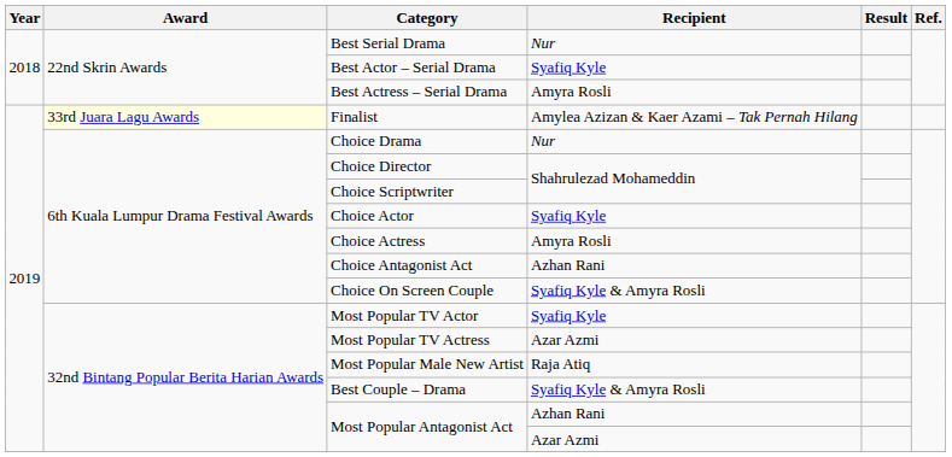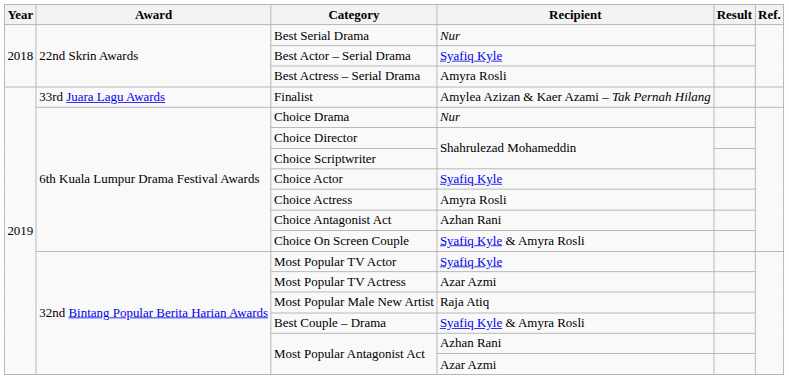 <table class="wikitable">
 <tr>
 <th>Year</th>
 <th>Award</th>
 <th>Category</th>
 <th>Recipient</th>
 <th>Result</th>
 <th>Ref.</th>
 </tr>
 <tr>
 <td rowspan="3">2018</td>
 <td rowspan="3">22nd Skrin Awards</td>
 <td>Best Serial Drama</td>
 <td><em>Nur</em></td>
 <td></td>
 <td rowspan="3"></td>
 </tr>
 <tr>
 <td>Best Actor – Serial Drama</td>
 <td><a href='#'>Syafiq Kyle</a></td>
 <td></td>
 </tr>
 <tr>
 <td>Best Actress – Serial Drama</td>
 <td>Amyra Rosli</td>
 <td></td>
 </tr>
 <tr>
 <td rowspan="14">2019</td>
-<td style="background: lightyellow;">33rd <a href='#'>Juara Lagu Awards</a></td>
+<td>33rd <a href='#'>Juara Lagu Awards</a></td>
 <td>Finalist</td>
 <td>Amylea Azizan & Kaer Azami – <em>Tak Pernah Hilang</em></td>
 <td></td>
 <td></td>
 </tr>
 <tr>
 <td rowspan="7">6th Kuala Lumpur Drama Festival Awards</td>
 <td>Choice Drama</td>
 <td><em>Nur</em></td>
 <td></td>
 <td rowspan="7"></td>
 </tr>
 <tr>
 <td>Choice Director</td>
 <td rowspan="2">Shahrulezad Mohameddin</td>
 <td></td>
 </tr>
 <tr>
 <td>Choice Scriptwriter</td>
 <td></td>
 </tr>
 <tr>
 <td>Choice Actor</td>
 <td><a href='#'>Syafiq Kyle</a></td>
 <td></td>
 </tr>
 <tr>
 <td>Choice Actress</td>
 <td>Amyra Rosli</td>
 <td></td>
 </tr>
 <tr>
 <td>Choice Antagonist Act</td>
 <td>Azhan Rani</td>
 <td></td>
 </tr>
 <tr>
 <td>Choice On Screen Couple</td>
 <td><a href='#'>Syafiq Kyle</a> & Amyra Rosli</td>
 <td></td>
 </tr>
 <tr>
 <td rowspan="6">32nd <a href='#'>Bintang Popular Berita Harian Awards</a></td>
 <td>Most Popular TV Actor</td>
 <td><a href='#'>Syafiq Kyle</a></td>
 <td></td>
 <td rowspan="6"></td>
 </tr>
 <tr>
 <td>Most Popular TV Actress</td>
 <td>Azar Azmi</td>
 <td></td>
 </tr>
 <tr>
 <td>Most Popular Male New Artist</td>
 <td>Raja Atiq</td>
 <td></td>
 </tr>
 <tr>
 <td>Best Couple – Drama</td>
 <td><a href='#'>Syafiq Kyle</a> & Amyra Rosli</td>
 <td></td>
 </tr>
 <tr>
 <td rowspan="2">Most Popular Antagonist Act</td>
 <td>Azhan Rani</td>
 <td></td>
 </tr>
 <tr>
 <td>Azar Azmi</td>
 <td></td>
 </tr>
 </table>
